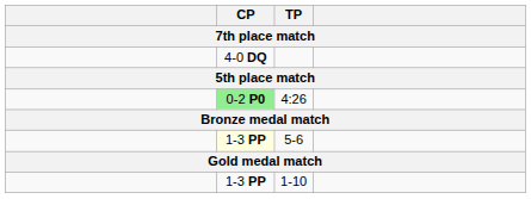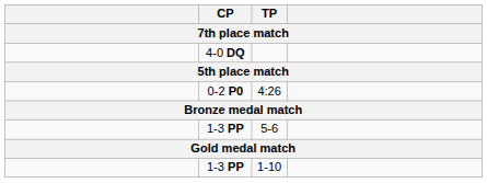 <table class="wikitable" style="text-align: center;" |>
 <tr>
 <th width="250"></th>
 <th width="62">CP</th>
 <th width="40">TP</th>
 <th width="250"></th>
 </tr>
 <tr>
 <th colspan="5">7th place match</th>
 </tr>
 <tr>
 <td style="text-align:left;"><strong></strong></td>
 <td>4-0 <strong>DQ</strong></td>
 <td></td>
 <td style="text-align:left;"></td>
 </tr>
 <tr>
 <th colspan="5">5th place match</th>
 </tr>
 <tr>
 <td style="text-align:left;"></td>
-<td style="background: lightgreen;">0-2 <strong>P0</strong></td>
+<td>0-2 <strong>P0</strong></td>
 <td>4:26</td>
 <td style="text-align:left;"><strong></strong></td>
 </tr>
 <tr>
 <th colspan="5">Bronze medal match</th>
 </tr>
 <tr>
 <td style="text-align:left;"></td>
-<td style="background: lightyellow;">1-3 <strong>PP</strong></td>
+<td>1-3 <strong>PP</strong></td>
 <td>5-6</td>
 <td style="text-align:left;"><strong></strong></td>
 </tr>
 <tr>
 <th colspan="5">Gold medal match</th>
 </tr>
 <tr>
 <td style="text-align:left;"></td>
 <td>1-3 <strong>PP</strong></td>
 <td>1-10</td>
 <td style="text-align:left;"><strong></strong></td>
 </tr>
 </table>
